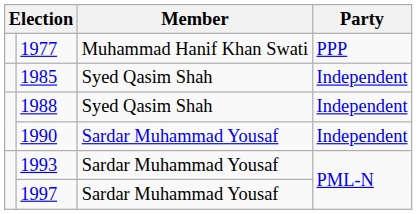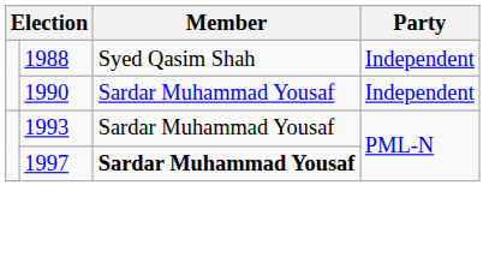 <table class="wikitable">
 <tr>
 <th colspan="2">Election</th>
 <th>Member</th>
 <th>Party</th>
-</tr>
-<tr>
-<td style="background-color: "></td>
-<td><a href='#'>1977</a></td>
-<td>Muhammad Hanif Khan Swati</td>
-<td><a href='#'>PPP</a></td>
-</tr>
-<tr>
-<td style="background-color: "></td>
-<td><a href='#'>1985</a></td>
-<td>Syed Qasim Shah</td>
-<td><a href='#'>Independent</a></td>
 </tr>
 <tr>
 <td rowspan=2 style="background-color: "></td>
 <td><a href='#'>1988</a></td>
 <td>Syed Qasim Shah</td>
 <td><a href='#'>Independent</a></td>
 </tr>
 <tr>
 <td><a href='#'>1990</a></td>
 <td><a href='#'>Sardar Muhammad Yousaf</a></td>
 <td><a href='#'>Independent</a></td>
 </tr>
 <tr>
 <td rowspan=2 style="background-color: "></td>
 <td><a href='#'>1993</a></td>
 <td>Sardar Muhammad Yousaf</td>
 <td rowspan="2"><a href='#'>PML-N</a></td>
 </tr>
 <tr>
 <td><a href='#'>1997</a></td>
-<td>Sardar Muhammad Yousaf</td>
+<td><strong>Sardar Muhammad Yousaf</strong></td>
 </tr>
 </table>
